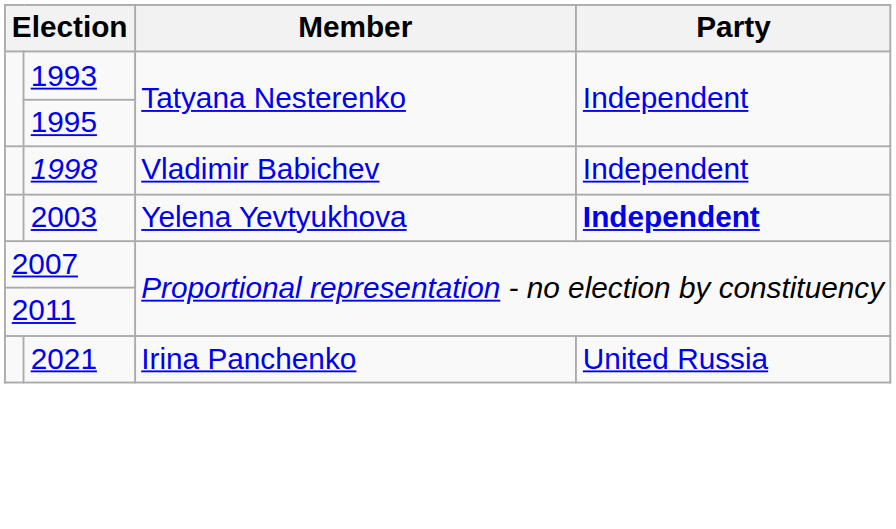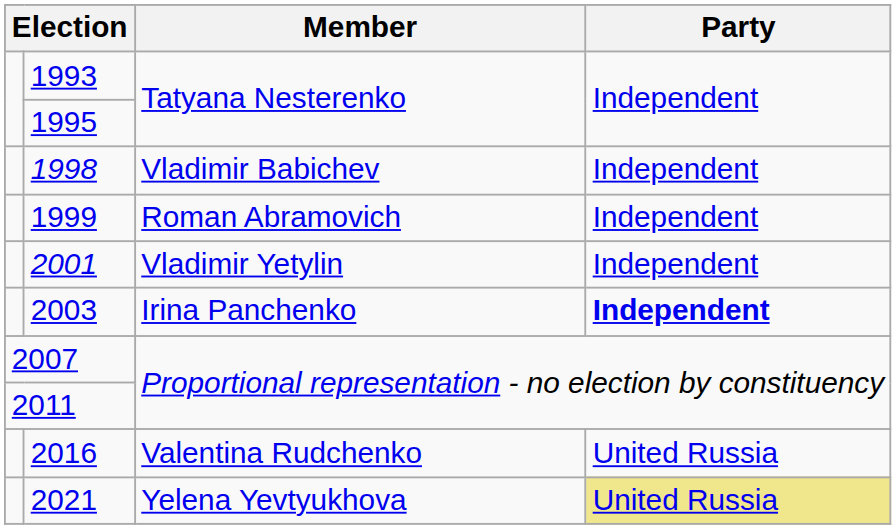 <table class="wikitable">
 <tr>
 <th colspan="2">Election</th>
 <th>Member</th>
 <th>Party</th>
 </tr>
 <tr>
 <td rowspan=2 style="background-color: "></td>
 <td><a href='#'>1993</a></td>
 <td rowspan=2><a href='#'>Tatyana Nesterenko</a></td>
 <td rowspan=2><a href='#'>Independent</a></td>
 </tr>
 <tr>
 <td><a href='#'>1995</a></td>
 </tr>
 <tr>
 <td style="background-color: "></td>
 <td><em><a href='#'>1998</a></em></td>
 <td><a href='#'>Vladimir Babichev</a></td>
 <td><a href='#'>Independent</a></td>
 </tr>
 <tr>
 <td style="background-color: "></td>
+<td><a href='#'>1999</a></td>
+<td><a href='#'>Roman Abramovich</a></td>
+<td><a href='#'>Independent</a></td>
+</tr>
+<tr>
+<td style="background-color: "></td>
+<td><em><a href='#'>2001</a></em></td>
+<td><a href='#'>Vladimir Yetylin</a></td>
+<td><a href='#'>Independent</a></td>
+</tr>
+<tr>
+<td style="background-color: "></td>
 <td><a href='#'>2003</a></td>
-<td><a href='#'>Yelena Yevtyukhova</a></td>
+<td><a href='#'>Irina Panchenko</a></td>
 <td><strong><a href='#'>Independent</a></strong></td>
 </tr>
 <tr>
 <td colspan=2><a href='#'>2007</a></td>
 <td colspan=2 rowspan=2><em><a href='#'>Proportional representation</a> - no election by constituency</em></td>
 </tr>
 <tr>
 <td colspan=2><a href='#'>2011</a></td>
 </tr>
 <tr>
 <td style="background-color: "></td>
-<td><a href='#'>2021</a></td>
-<td><a href='#'>Irina Panchenko</a></td>
+<td><a href='#'>2016</a></td>
+<td><a href='#'>Valentina Rudchenko</a></td>
 <td><a href='#'>United Russia</a></td>
 </tr>
+<tr>
+<td style="background-color: "></td>
+<td><a href='#'>2021</a></td>
+<td><a href='#'>Yelena Yevtyukhova</a></td>
+<td style="background: khaki;"><a href='#'>United Russia</a></td>
+</tr>
 </table>
